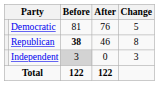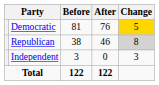 <table class="wikitable" style="text-align:center;">
 <tr>
 <th colspan="2">Party</th>
 <th>Before</th>
 <th>After</th>
 <th>Change</th>
 </tr>
 <tr>
 <th style="background-color:"></th>
 <td style="text-align:left;"><a href='#'>Democratic</a></td>
 <td>81</td>
 <td>76</td>
-<td> 5</td>
+<td style="background: gold;"> 5</td>
 </tr>
 <tr>
 <th style="background-color:"></th>
 <td style="text-align:left;"><a href='#'>Republican</a></td>
-<td><strong>38</strong></td>
+<td>38</td>
 <td>46</td>
-<td> 8</td>
+<td style="background: lightgrey;"> 8</td>
 </tr>
 <tr>
 <th style="background-color:"></th>
 <td style="text-align:left;"><a href='#'>Independent</a></td>
-<td style="background: lightgrey;">3</td>
+<td>3</td>
 <td>0</td>
 <td> 3</td>
 </tr>
 <tr>
 <td colspan="2"><strong>Total</strong></td>
 <td><strong>122</strong></td>
 <td><strong>122</strong></td>
 </tr>
 </table>
